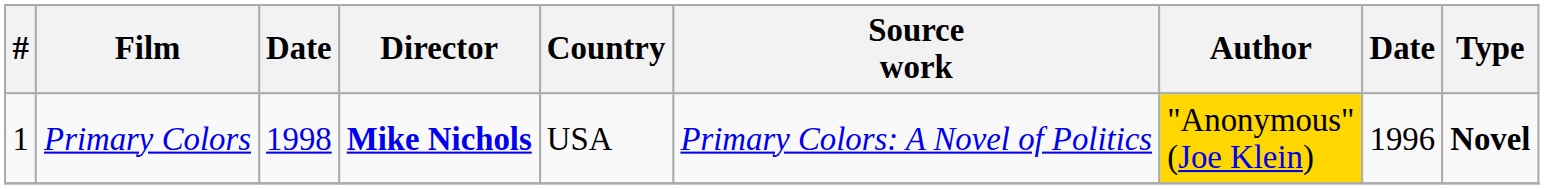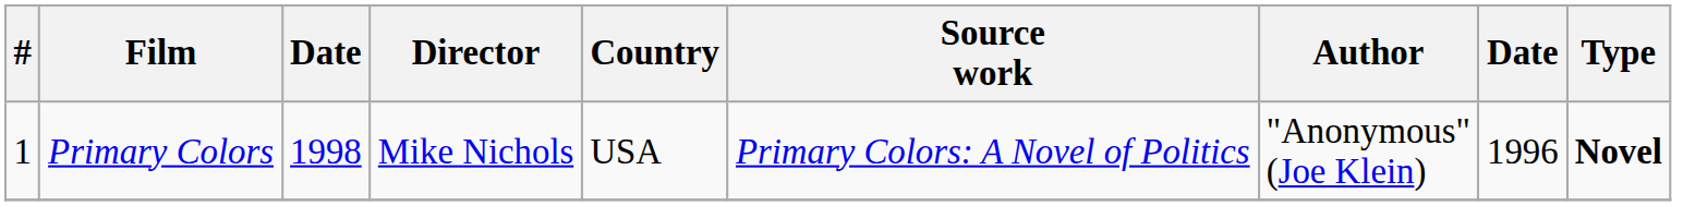 <table class="wikitable">
 <tr>
 <th>#</th>
 <th>Film</th>
 <th>Date</th>
 <th>Director</th>
 <th>Country</th>
 <th>Source<br>work</th>
 <th>Author</th>
 <th>Date</th>
 <th>Type</th>
 </tr>
 <tr>
 <td>1</td>
 <td><em><a href='#'>Primary Colors</a></em></td>
 <td><a href='#'>1998</a></td>
-<td><strong><a href='#'>Mike Nichols</a></strong></td>
+<td><a href='#'>Mike Nichols</a></td>
 <td>USA</td>
 <td><em><a href='#'>Primary Colors: A Novel of Politics</a></em></td>
-<td style="background: gold;">"Anonymous"<br>(<a href='#'>Joe Klein</a>)</td>
+<td>"Anonymous"<br>(<a href='#'>Joe Klein</a>)</td>
 <td>1996</td>
 <td><strong>Novel</strong></td>
 </tr>
 <tr>
 </tr>
 </table>
